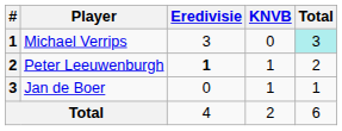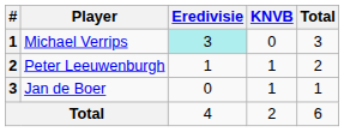 <table class="wikitable" style="text-align:center;">
 <tr>
 <th>#</th>
 <th>Player</th>
 <th><a href='#'>Eredivisie</a></th>
 <th><a href='#'>KNVB</a></th>
 <th>Total</th>
 </tr>
 <tr>
 <th>1</th>
 <td align="left"> <a href='#'>Michael Verrips</a></td>
+<td style="background: paleturquoise;">3</td>
+<td>0</td>
 <td>3</td>
-<td>0</td>
-<td style="background: paleturquoise;">3</td>
 </tr>
 <tr>
 <th>2</th>
 <td align="left"> <a href='#'>Peter Leeuwenburgh</a></td>
-<td><strong>1</strong></td>
+<td>1</td>
 <td>1</td>
 <td>2</td>
 </tr>
 <tr>
 <th>3</th>
 <td align="left"> <a href='#'>Jan de Boer</a></td>
 <td>0</td>
 <td>1</td>
 <td>1</td>
 </tr>
 <tr>
 <th colspan="2">Total</th>
 <td>4</td>
 <td>2</td>
 <td>6</td>
 </tr>
 </table>
